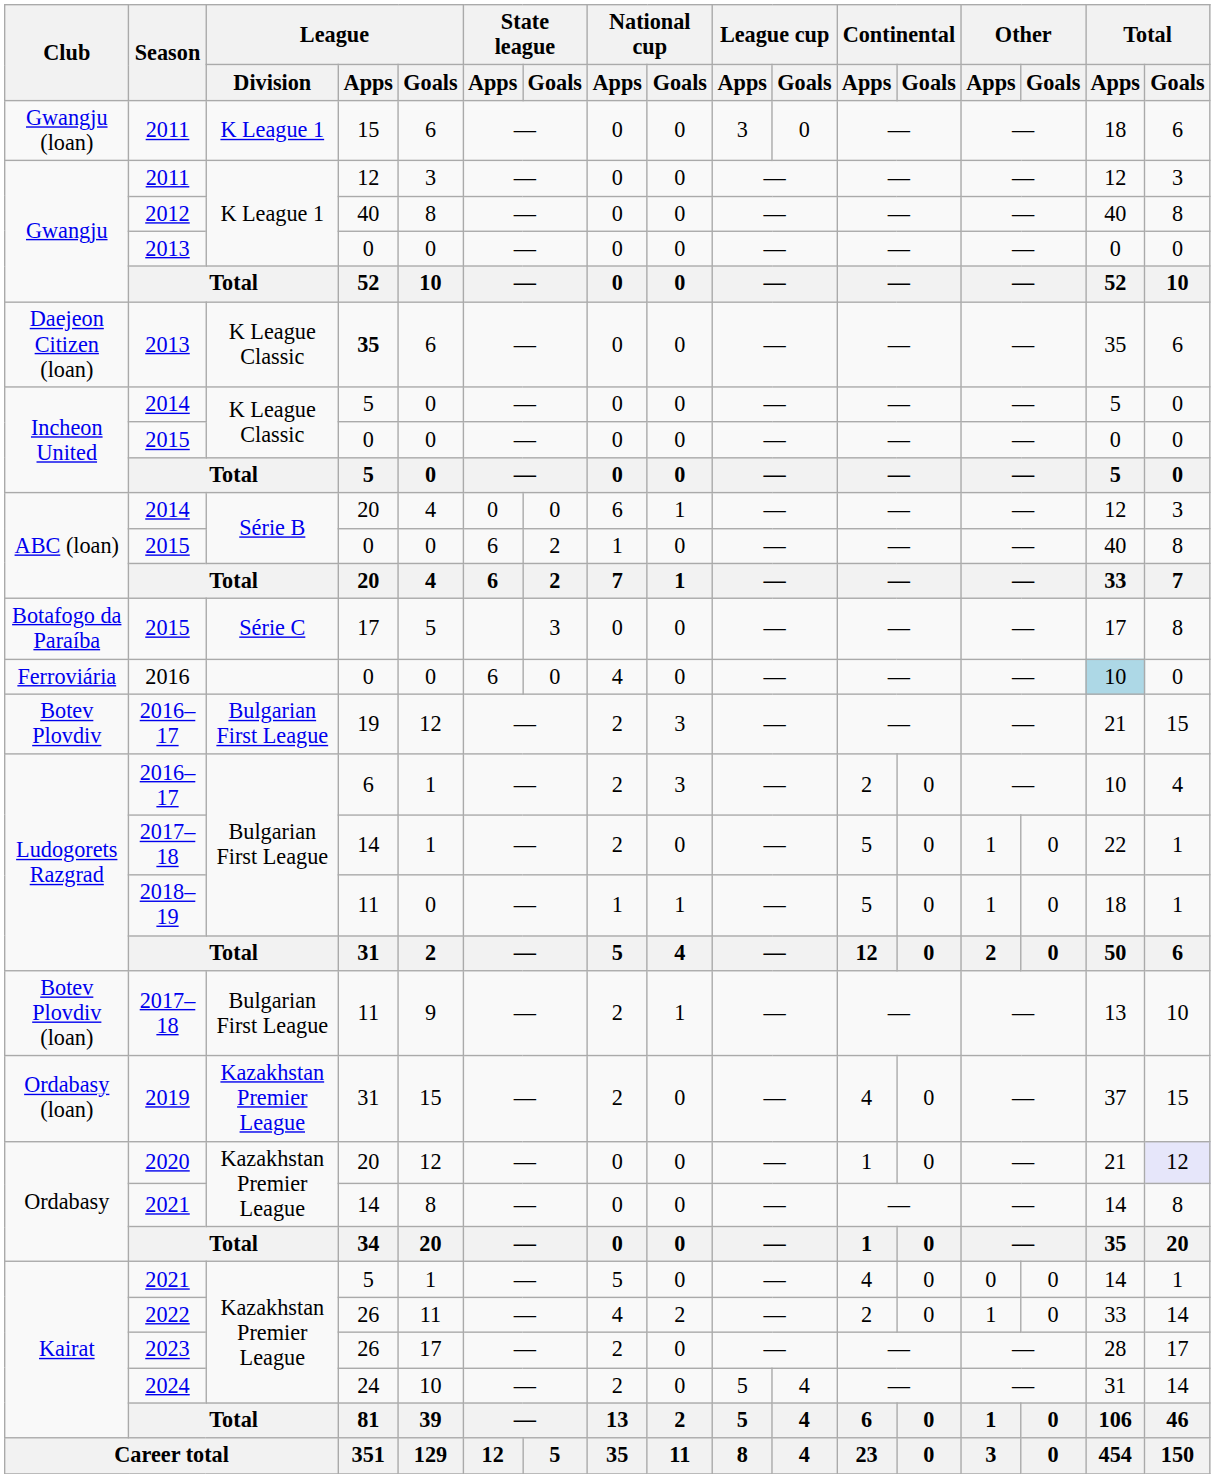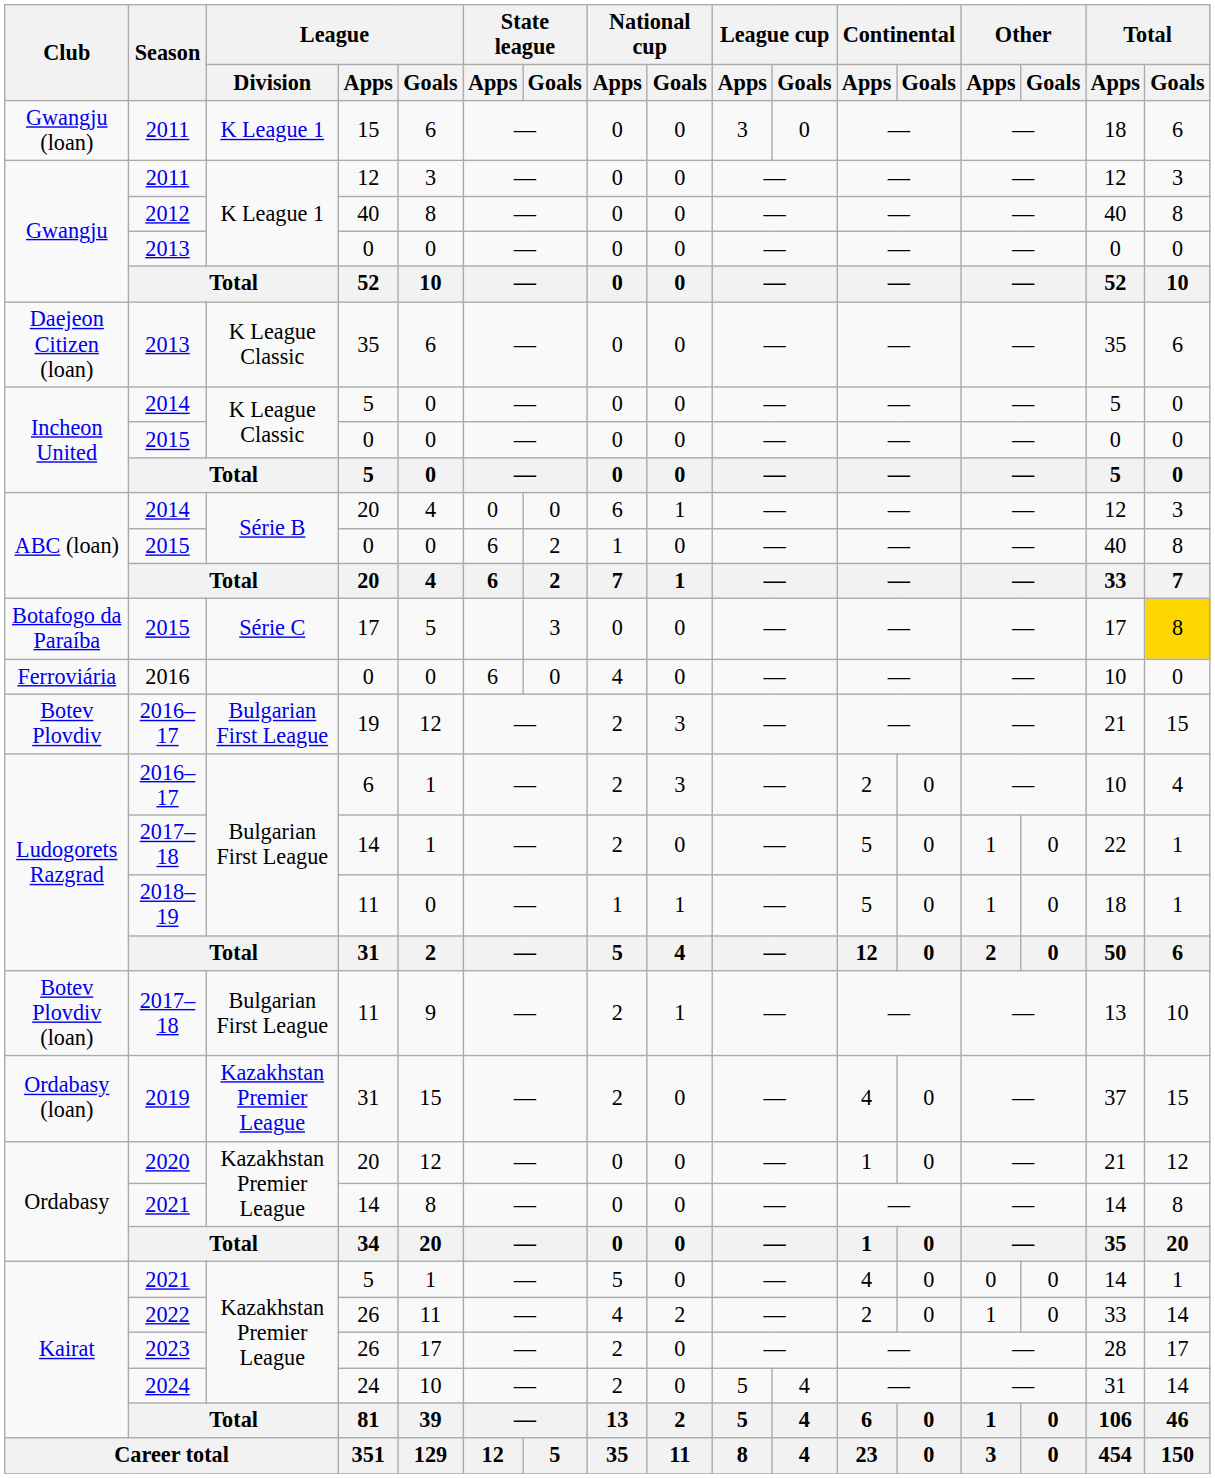 <table class="wikitable" style="text-align:center">
 <tr>
 <th rowspan="2">Club</th>
 <th rowspan="2">Season</th>
 <th colspan="3">League</th>
 <th colspan="2">State league</th>
 <th colspan="2">National cup</th>
 <th colspan="2">League cup</th>
 <th colspan="2">Continental</th>
 <th colspan="2">Other</th>
 <th colspan="2">Total</th>
 </tr>
 <tr>
 <th>Division</th>
 <th>Apps</th>
 <th>Goals</th>
 <th>Apps</th>
 <th>Goals</th>
 <th>Apps</th>
 <th>Goals</th>
 <th>Apps</th>
 <th>Goals</th>
 <th>Apps</th>
 <th>Goals</th>
 <th>Apps</th>
 <th>Goals</th>
 <th>Apps</th>
 <th>Goals</th>
 </tr>
 <tr>
 <td><a href='#'>Gwangju</a> (loan)</td>
 <td><a href='#'>2011</a></td>
 <td><a href='#'>K League 1</a></td>
 <td>15</td>
 <td>6</td>
 <td colspan="2">—</td>
 <td>0</td>
 <td>0</td>
 <td>3</td>
 <td>0</td>
 <td colspan="2">—</td>
 <td colspan="2">—</td>
 <td>18</td>
 <td>6</td>
 </tr>
 <tr>
 <td rowspan="4"><a href='#'>Gwangju</a></td>
 <td><a href='#'>2011</a></td>
 <td rowspan="3">K League 1</td>
 <td>12</td>
 <td>3</td>
 <td colspan="2">—</td>
 <td>0</td>
 <td>0</td>
 <td colspan="2">—</td>
 <td colspan="2">—</td>
 <td colspan="2">—</td>
 <td>12</td>
 <td>3</td>
 </tr>
 <tr>
 <td><a href='#'>2012</a></td>
 <td>40</td>
 <td>8</td>
 <td colspan="2">—</td>
 <td>0</td>
 <td>0</td>
 <td colspan="2">—</td>
 <td colspan="2">—</td>
 <td colspan="2">—</td>
 <td>40</td>
 <td>8</td>
 </tr>
 <tr>
 <td><a href='#'>2013</a></td>
 <td>0</td>
 <td>0</td>
 <td colspan="2">—</td>
 <td>0</td>
 <td>0</td>
 <td colspan="2">—</td>
 <td colspan="2">—</td>
 <td colspan="2">—</td>
 <td>0</td>
 <td>0</td>
 </tr>
 <tr>
 <th colspan="2">Total</th>
 <th>52</th>
 <th>10</th>
 <th colspan="2">—</th>
 <th>0</th>
 <th>0</th>
 <th colspan="2">—</th>
 <th colspan="2">—</th>
 <th colspan="2">—</th>
 <th>52</th>
 <th>10</th>
 </tr>
 <tr>
 <td><a href='#'>Daejeon Citizen</a> (loan)</td>
 <td><a href='#'>2013</a></td>
 <td>K League Classic</td>
-<td><strong>35</strong></td>
+<td>35</td>
 <td>6</td>
 <td colspan="2">—</td>
 <td>0</td>
 <td>0</td>
 <td colspan="2">—</td>
 <td colspan="2">—</td>
 <td colspan="2">—</td>
 <td>35</td>
 <td>6</td>
 </tr>
 <tr>
 <td rowspan="3"><a href='#'>Incheon United</a></td>
 <td><a href='#'>2014</a></td>
 <td rowspan="2">K League Classic</td>
 <td>5</td>
 <td>0</td>
 <td colspan="2">—</td>
 <td>0</td>
 <td>0</td>
 <td colspan="2">—</td>
 <td colspan="2">—</td>
 <td colspan="2">—</td>
 <td>5</td>
 <td>0</td>
 </tr>
 <tr>
 <td><a href='#'>2015</a></td>
 <td>0</td>
 <td>0</td>
 <td colspan="2">—</td>
 <td>0</td>
 <td>0</td>
 <td colspan="2">—</td>
 <td colspan="2">—</td>
 <td colspan="2">—</td>
 <td>0</td>
 <td>0</td>
 </tr>
 <tr>
 <th colspan="2">Total</th>
 <th>5</th>
 <th>0</th>
 <th colspan="2">—</th>
 <th>0</th>
 <th>0</th>
 <th colspan="2">—</th>
 <th colspan="2">—</th>
 <th colspan="2">—</th>
 <th>5</th>
 <th>0</th>
 </tr>
 <tr>
 <td rowspan="3"><a href='#'>ABC</a> (loan)</td>
 <td><a href='#'>2014</a></td>
 <td rowspan="2"><a href='#'>Série B</a></td>
 <td>20</td>
 <td>4</td>
 <td>0</td>
 <td>0</td>
 <td>6</td>
 <td>1</td>
 <td colspan="2">—</td>
 <td colspan="2">—</td>
 <td colspan="2">—</td>
 <td>12</td>
 <td>3</td>
 </tr>
 <tr>
 <td><a href='#'>2015</a></td>
 <td>0</td>
 <td>0</td>
 <td>6</td>
 <td>2</td>
 <td>1</td>
 <td>0</td>
 <td colspan="2">—</td>
 <td colspan="2">—</td>
 <td colspan="2">—</td>
 <td>40</td>
 <td>8</td>
 </tr>
 <tr>
 <th colspan="2">Total</th>
 <th>20</th>
 <th>4</th>
 <th>6</th>
 <th>2</th>
 <th>7</th>
 <th>1</th>
 <th colspan="2">—</th>
 <th colspan="2">—</th>
 <th colspan="2">—</th>
 <th>33</th>
 <th>7</th>
 </tr>
 <tr>
 <td><a href='#'>Botafogo da Paraíba</a></td>
 <td><a href='#'>2015</a></td>
 <td><a href='#'>Série C</a></td>
 <td>17</td>
 <td>5</td>
 <td></td>
 <td>3</td>
 <td>0</td>
 <td>0</td>
 <td colspan="2">—</td>
 <td colspan="2">—</td>
 <td colspan="2">—</td>
 <td>17</td>
-<td>8</td>
+<td style="background: gold;">8</td>
 </tr>
 <tr>
 <td><a href='#'>Ferroviária</a></td>
 <td>2016</td>
 <td></td>
 <td>0</td>
 <td>0</td>
 <td>6</td>
 <td>0</td>
 <td>4</td>
 <td>0</td>
 <td colspan="2">—</td>
 <td colspan="2">—</td>
 <td colspan="2">—</td>
-<td style="background: lightblue;">10</td>
+<td>10</td>
 <td>0</td>
 </tr>
 <tr>
 <td><a href='#'>Botev Plovdiv</a></td>
 <td><a href='#'>2016–17</a></td>
 <td><a href='#'>Bulgarian First League</a></td>
 <td>19</td>
 <td>12</td>
 <td colspan="2">—</td>
 <td>2</td>
 <td>3</td>
 <td colspan="2">—</td>
 <td colspan="2">—</td>
 <td colspan="2">—</td>
 <td>21</td>
 <td>15</td>
 </tr>
 <tr>
 <td rowspan="4"><a href='#'>Ludogorets Razgrad</a></td>
 <td><a href='#'>2016–17</a></td>
 <td rowspan="3">Bulgarian First League</td>
 <td>6</td>
 <td>1</td>
 <td colspan="2">—</td>
 <td>2</td>
 <td>3</td>
 <td colspan="2">—</td>
 <td>2</td>
 <td>0</td>
 <td colspan="2">—</td>
 <td>10</td>
 <td>4</td>
 </tr>
 <tr>
 <td><a href='#'>2017–18</a></td>
 <td>14</td>
 <td>1</td>
 <td colspan="2">—</td>
 <td>2</td>
 <td>0</td>
 <td colspan="2">—</td>
 <td>5</td>
 <td>0</td>
 <td>1</td>
 <td>0</td>
 <td>22</td>
 <td>1</td>
 </tr>
 <tr>
 <td><a href='#'>2018–19</a></td>
 <td>11</td>
 <td>0</td>
 <td colspan="2">—</td>
 <td>1</td>
 <td>1</td>
 <td colspan="2">—</td>
 <td>5</td>
 <td>0</td>
 <td>1</td>
 <td>0</td>
 <td>18</td>
 <td>1</td>
 </tr>
 <tr>
 <th colspan="2">Total</th>
 <th>31</th>
 <th>2</th>
 <th colspan="2">—</th>
 <th>5</th>
 <th>4</th>
 <th colspan="2">—</th>
 <th>12</th>
 <th>0</th>
 <th>2</th>
 <th>0</th>
 <th>50</th>
 <th>6</th>
 </tr>
 <tr>
 <td><a href='#'>Botev Plovdiv</a> (loan)</td>
 <td><a href='#'>2017–18</a></td>
 <td>Bulgarian First League</td>
 <td>11</td>
 <td>9</td>
 <td colspan="2">—</td>
 <td>2</td>
 <td>1</td>
 <td colspan="2">—</td>
 <td colspan="2">—</td>
 <td colspan="2">—</td>
 <td>13</td>
 <td>10</td>
 </tr>
 <tr>
 <td><a href='#'>Ordabasy</a> (loan)</td>
 <td><a href='#'>2019</a></td>
 <td><a href='#'>Kazakhstan Premier League</a></td>
 <td>31</td>
 <td>15</td>
 <td colspan="2">—</td>
 <td>2</td>
 <td>0</td>
 <td colspan="2">—</td>
 <td>4</td>
 <td>0</td>
 <td colspan="2">—</td>
 <td>37</td>
 <td>15</td>
 </tr>
 <tr>
 <td rowspan="3">Ordabasy</td>
 <td><a href='#'>2020</a></td>
 <td rowspan="2">Kazakhstan Premier League</td>
 <td>20</td>
 <td>12</td>
 <td colspan="2">—</td>
 <td>0</td>
 <td>0</td>
 <td colspan="2">—</td>
 <td>1</td>
 <td>0</td>
 <td colspan="2">—</td>
 <td>21</td>
-<td style="background: lavender;">12</td>
+<td>12</td>
 </tr>
 <tr>
 <td><a href='#'>2021</a></td>
 <td>14</td>
 <td>8</td>
 <td colspan="2">—</td>
 <td>0</td>
 <td>0</td>
 <td colspan="2">—</td>
 <td colspan="2">—</td>
 <td colspan="2">—</td>
 <td>14</td>
 <td>8</td>
 </tr>
 <tr>
 <th colspan="2">Total</th>
 <th>34</th>
 <th>20</th>
 <th colspan="2">—</th>
 <th>0</th>
 <th>0</th>
 <th colspan="2">—</th>
 <th>1</th>
 <th>0</th>
 <th colspan="2">—</th>
 <th>35</th>
 <th>20</th>
 </tr>
 <tr>
 <td rowspan="5"><a href='#'>Kairat</a></td>
 <td><a href='#'>2021</a></td>
 <td rowspan="4">Kazakhstan Premier League</td>
 <td>5</td>
 <td>1</td>
 <td colspan="2">—</td>
 <td>5</td>
 <td>0</td>
 <td colspan="2">—</td>
 <td>4</td>
 <td>0</td>
 <td>0</td>
 <td>0</td>
 <td>14</td>
 <td>1</td>
 </tr>
 <tr>
 <td><a href='#'>2022</a></td>
 <td>26</td>
 <td>11</td>
 <td colspan="2">—</td>
 <td>4</td>
 <td>2</td>
 <td colspan="2">—</td>
 <td>2</td>
 <td>0</td>
 <td>1</td>
 <td>0</td>
 <td>33</td>
 <td>14</td>
 </tr>
 <tr>
 <td><a href='#'>2023</a></td>
 <td>26</td>
 <td>17</td>
 <td colspan="2">—</td>
 <td>2</td>
 <td>0</td>
 <td colspan="2">—</td>
 <td colspan="2">—</td>
 <td colspan="2">—</td>
 <td>28</td>
 <td>17</td>
 </tr>
 <tr>
 <td><a href='#'>2024</a></td>
 <td>24</td>
 <td>10</td>
 <td colspan="2">—</td>
 <td>2</td>
 <td>0</td>
 <td>5</td>
 <td>4</td>
 <td colspan="2">—</td>
 <td colspan="2">—</td>
 <td>31</td>
 <td>14</td>
 </tr>
 <tr>
 <th colspan="2">Total</th>
 <th>81</th>
 <th>39</th>
 <th colspan="2">—</th>
 <th>13</th>
 <th>2</th>
 <th>5</th>
 <th>4</th>
 <th>6</th>
 <th>0</th>
 <th>1</th>
 <th>0</th>
 <th>106</th>
 <th>46</th>
 </tr>
 <tr>
 <th colspan="3">Career total</th>
 <th>351</th>
 <th>129</th>
 <th>12</th>
 <th>5</th>
 <th>35</th>
 <th>11</th>
 <th>8</th>
 <th>4</th>
 <th>23</th>
 <th>0</th>
 <th>3</th>
 <th>0</th>
 <th>454</th>
 <th>150</th>
 </tr>
 </table>
